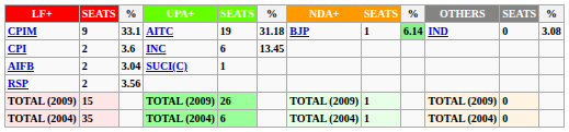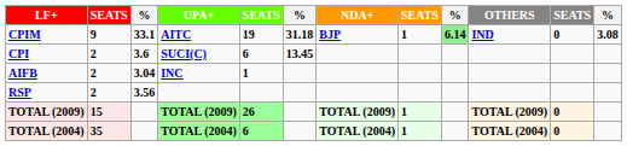 <table class="wikitable" style="font-weight: bold; font-size: x-small; font-family: verdana">
 <tr>
 <th style="background:#f00; color:white;">LF+</th>
 <th style="background:#f00; color:white;">SEATS</th>
 <th>%</th>
 <th style="background:#66FF00; color:white;">UPA+</th>
 <th style="background:#66FF00; color:white;">SEATS</th>
 <th>%</th>
 <th style="background:#f90; color:white;">NDA+</th>
 <th style="background:#f90; color:white;">SEATS</th>
 <th>%</th>
 <th style="background:#848482; color:white;">OTHERS</th>
 <th style="background:#848482; color:white;">SEATS</th>
 <th>%</th>
 </tr>
 <tr>
 <td><a href='#'>CPIM</a></td>
 <td>9</td>
 <td>33.1</td>
 <td><a href='#'>AITC</a></td>
 <td>19</td>
 <td>31.18</td>
 <td><a href='#'>BJP</a></td>
 <td>1</td>
 <td style="background: lightgreen;">6.14</td>
 <td><a href='#'>IND</a></td>
 <td>0</td>
 <td>3.08</td>
 </tr>
 <tr>
 <td><a href='#'>CPI</a></td>
 <td>2</td>
 <td>3.6</td>
-<td><a href='#'>INC</a></td>
+<td><a href='#'>SUCI(C)</a></td>
 <td>6</td>
 <td>13.45</td>
 <td></td>
 <td></td>
 <td></td>
 <td></td>
 <td></td>
 <td></td>
 </tr>
 <tr>
 <td><a href='#'>AIFB</a></td>
 <td>2</td>
 <td>3.04</td>
-<td><a href='#'>SUCI(C)</a></td>
+<td><a href='#'>INC</a></td>
 <td>1</td>
 <td></td>
 <td></td>
 <td></td>
 <td></td>
 <td></td>
 <td></td>
 <td></td>
 </tr>
 <tr>
 <td><a href='#'>RSP</a></td>
 <td>2</td>
 <td>3.56</td>
 <td></td>
 <td></td>
 <td></td>
 <td></td>
 <td></td>
 <td></td>
 <td></td>
 <td></td>
 <td></td>
 </tr>
 <tr>
 </tr>
 <tr>
 </tr>
 <tr>
 </tr>
 <tr>
 <td style="background:#ffe6e6;">TOTAL (2009)</td>
 <td style="background:#ffe6e6;">15</td>
 <td></td>
 <td style="background:#9f9;">TOTAL (2009)</td>
 <td style="background:#9f9;">26</td>
 <td></td>
 <td style="background:#e6ffe6;">TOTAL (2009)</td>
 <td style="background:#e6ffe6;">1</td>
 <td></td>
 <td style="background:#fff3e1;">TOTAL (2009)</td>
 <td style="background:#fff3e1;">0</td>
 <td></td>
 </tr>
 <tr>
 <td style="background:#ffe6e6;">TOTAL (2004)</td>
 <td style="background:#ffe6e6;">35</td>
 <td></td>
 <td style="background:#9f9;">TOTAL (2004)</td>
 <td style="background:#9f9;">6</td>
 <td></td>
 <td style="background:#e6ffe6;">TOTAL (2004)</td>
 <td style="background:#e6ffe6;">1</td>
 <td></td>
 <td style="background:#fff3e1;">TOTAL (2004)</td>
 <td style="background:#fff3e1;">0</td>
 <td></td>
 </tr>
 </table>
